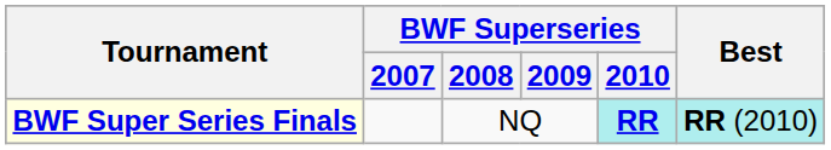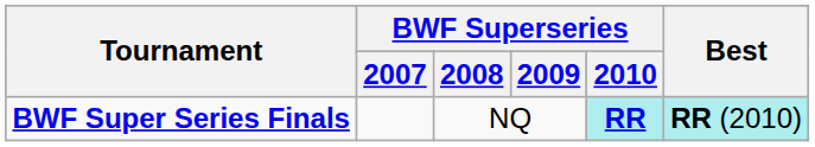 <table class="wikitable" style="font-size: 90%; text-align:center">
 <tr>
 <th rowspan="2">Tournament</th>
 <th colspan="4"><strong><a href='#'>BWF Superseries</a></strong></th>
 <th rowspan="2">Best</th>
 </tr>
 <tr>
 <th><a href='#'>2007</a></th>
 <th><a href='#'>2008</a></th>
 <th><a href='#'>2009</a></th>
 <th><a href='#'>2010</a></th>
 </tr>
 <tr>
-<td align=left style="background: lightyellow;"><strong><a href='#'>BWF Super Series Finals</a></strong></td>
+<td align=left><strong><a href='#'>BWF Super Series Finals</a></strong></td>
 <td></td>
 <td colspan="2">NQ</td>
 <td bgcolor=AFEEEE><a href='#'><strong>RR</strong></a></td>
 <td bgcolor=AFEEEE><strong>RR</strong> (2010)</td>
 </tr>
 </table>
